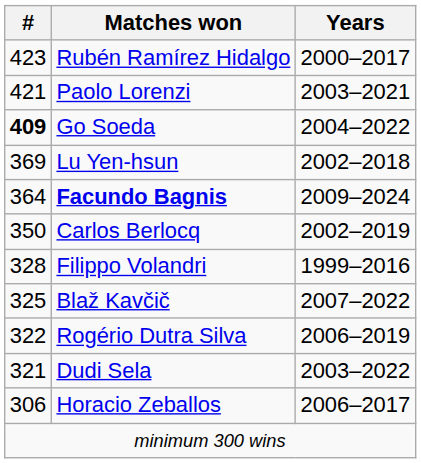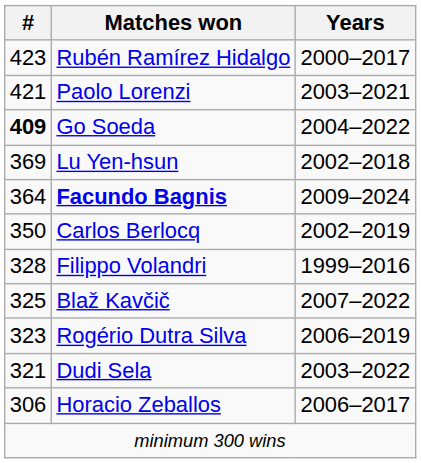 <table class="wikitable" style="display:inline-table;">
 <tr>
 <th>#</th>
 <th>Matches won</th>
 <th>Years</th>
 </tr>
 <tr>
 <td>423</td>
 <td> <a href='#'>Rubén Ramírez Hidalgo</a></td>
 <td>2000–2017</td>
 </tr>
 <tr>
 <td>421</td>
 <td> <a href='#'>Paolo Lorenzi</a></td>
 <td>2003–2021</td>
 </tr>
 <tr>
 <td><strong>409</strong></td>
 <td> <a href='#'>Go Soeda</a></td>
 <td>2004–2022</td>
 </tr>
 <tr>
 <td>369</td>
 <td> <a href='#'>Lu Yen-hsun</a></td>
 <td>2002–2018</td>
 </tr>
 <tr>
 <td>364</td>
 <td> <strong><a href='#'>Facundo Bagnis</a></strong></td>
 <td>2009–2024</td>
 </tr>
 <tr>
 <td>350</td>
 <td> <a href='#'>Carlos Berlocq</a></td>
 <td>2002–2019</td>
 </tr>
 <tr>
 <td>328</td>
 <td> <a href='#'>Filippo Volandri</a></td>
 <td>1999–2016</td>
 </tr>
 <tr>
 <td>325</td>
 <td> <a href='#'>Blaž Kavčič</a></td>
 <td>2007–2022</td>
 </tr>
 <tr>
-<td>322</td>
+<td>323</td>
 <td> <a href='#'>Rogério Dutra Silva</a></td>
 <td>2006–2019</td>
 </tr>
 <tr>
 <td>321</td>
 <td> <a href='#'>Dudi Sela</a></td>
 <td>2003–2022</td>
 </tr>
 <tr>
 <td>306</td>
 <td> <a href='#'>Horacio Zeballos</a></td>
 <td>2006–2017</td>
 </tr>
 <tr>
 <td colspan="3" style="text-align: center;"><small><em>minimum 300 wins</em></small></td>
 </tr>
 </table>
